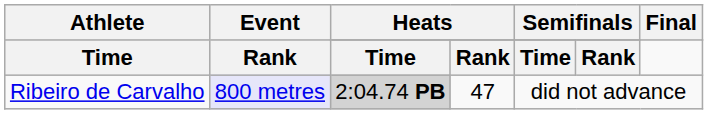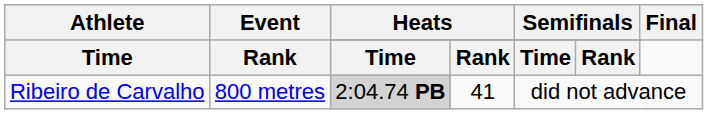 <table class=wikitable style="font-size:90%;">
 <tr>
 <th rowspan="2">Athlete</th>
 <th rowspan="2">Event</th>
 <th colspan="2">Heats</th>
 <th colspan="2">Semifinals</th>
 <th colspan="2">Final</th>
 </tr>
 <tr>
 </tr>
 <tr>
 <th>Time</th>
 <th>Rank</th>
 <th>Time</th>
 <th>Rank</th>
 <th>Time</th>
 <th>Rank</th>
 </tr>
 <tr>
 <td><a href='#'>Ribeiro de Carvalho</a></td>
-<td style="background: lavender;"><a href='#'>800 metres</a></td>
+<td><a href='#'>800 metres</a></td>
 <td align=center style="background: lightgrey;">2:04.74 <strong>PB</strong></td>
-<td align=center>47</td>
+<td align=center>41</td>
 <td align=center colspan=4>did not advance</td>
 </tr>
 </table>
